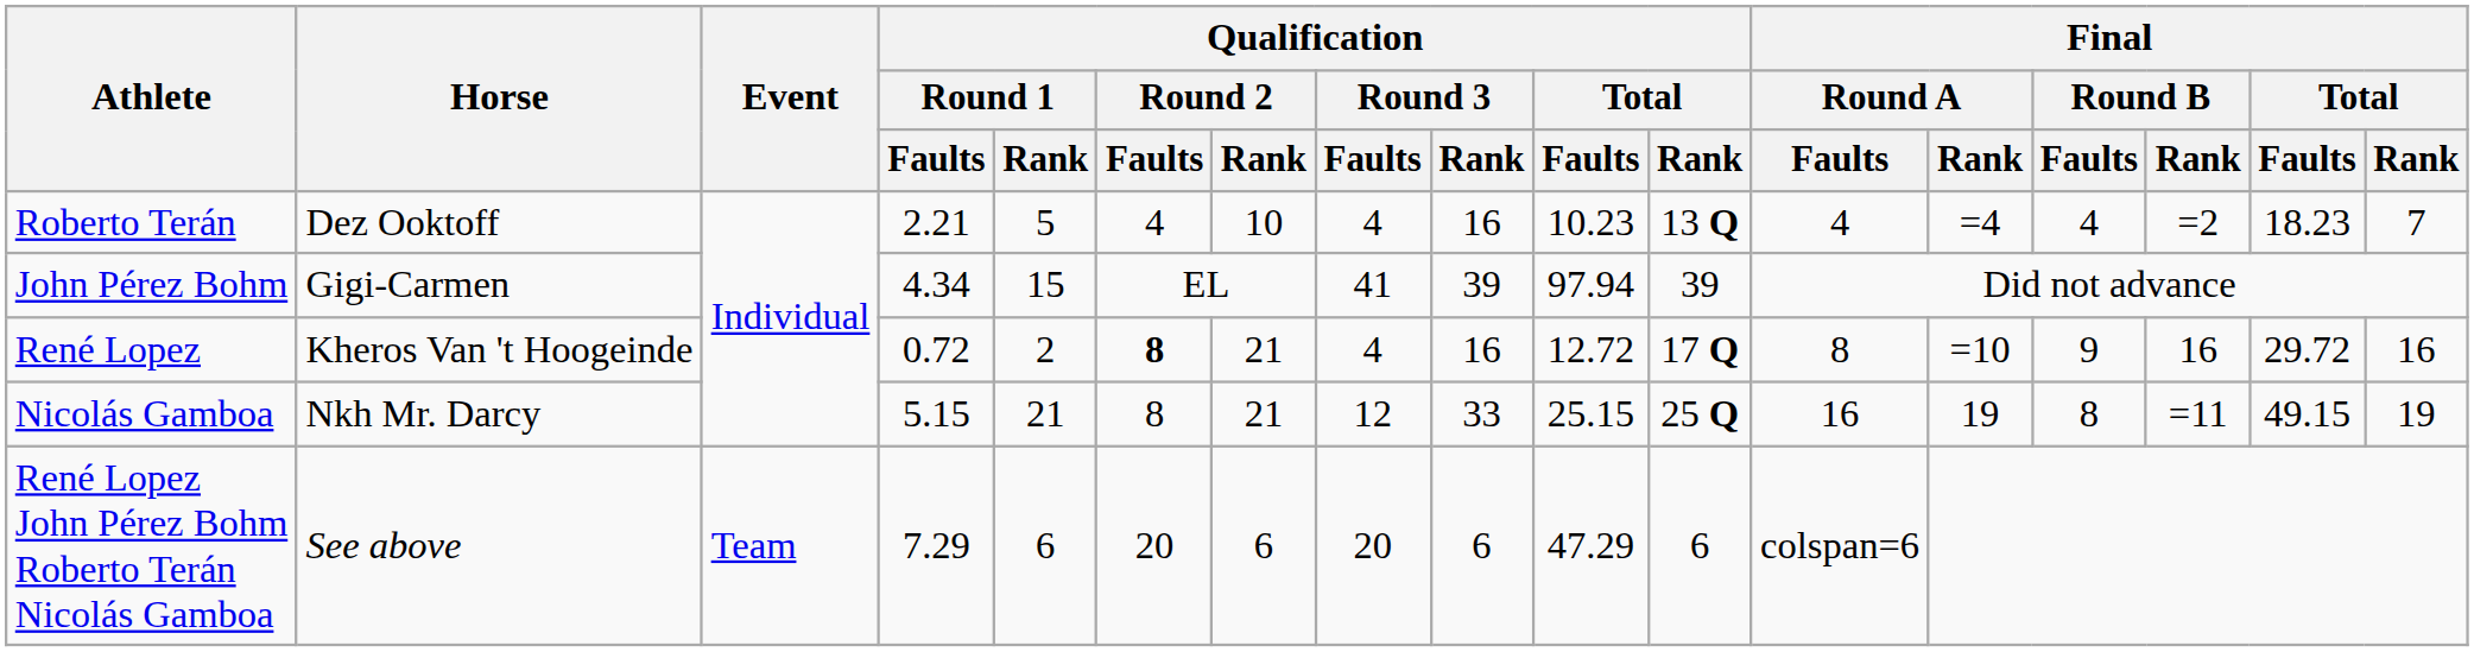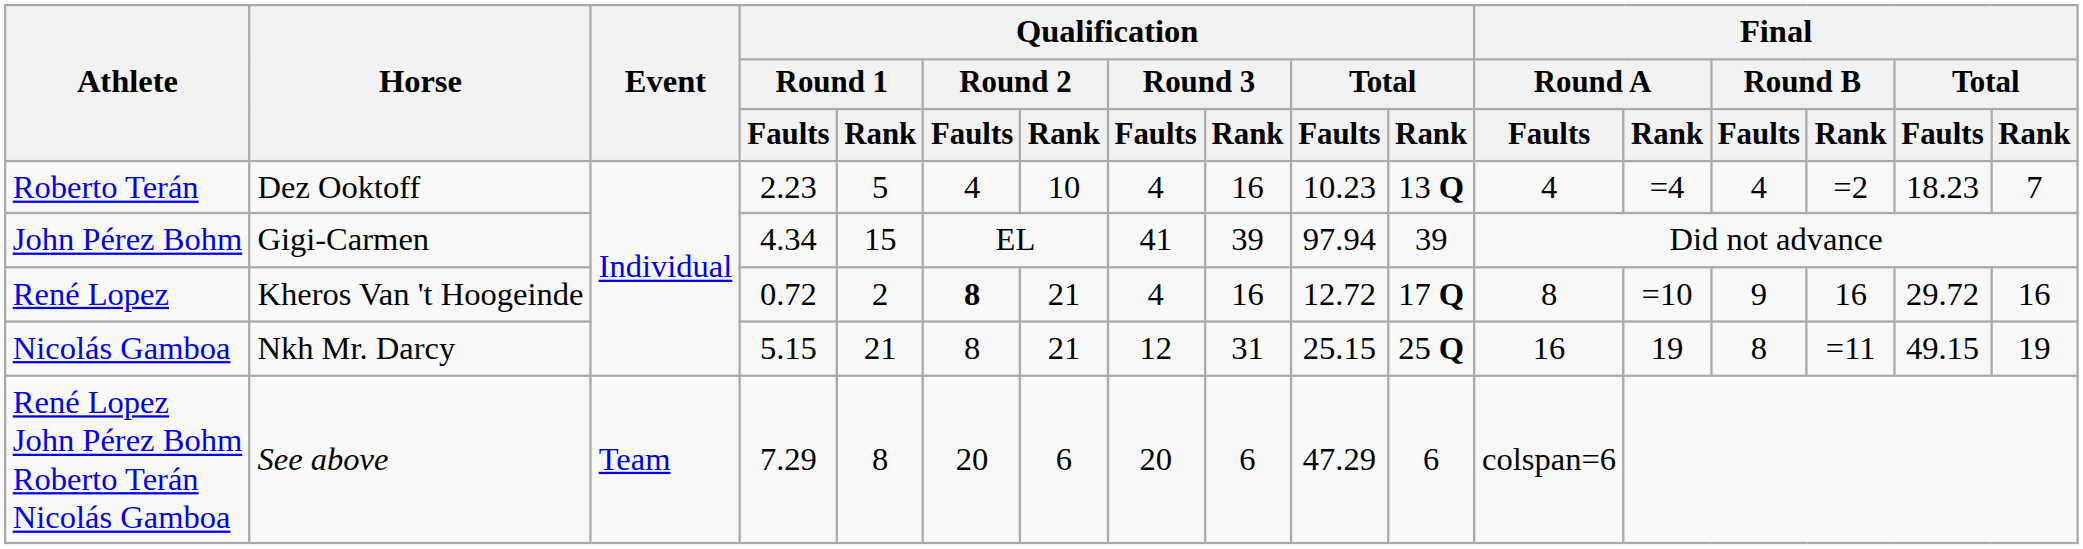 <table class=wikitable style=font-size:90%;text-align:center>
 <tr>
 <th rowspan=3>Athlete</th>
 <th rowspan=3>Horse</th>
 <th rowspan=3>Event</th>
 <th colspan=8>Qualification</th>
 <th colspan=6>Final</th>
 </tr>
 <tr style=font-size:95%>
 <th colspan=2>Round 1</th>
 <th colspan=2>Round 2</th>
 <th colspan=2>Round 3</th>
 <th colspan=2>Total</th>
 <th colspan=2>Round A</th>
 <th colspan=2>Round B</th>
 <th colspan=2>Total</th>
 </tr>
 <tr style=font-size:95%>
 <th>Faults</th>
 <th>Rank</th>
 <th>Faults</th>
 <th>Rank</th>
 <th>Faults</th>
 <th>Rank</th>
 <th>Faults</th>
 <th>Rank</th>
 <th>Faults</th>
 <th>Rank</th>
 <th>Faults</th>
 <th>Rank</th>
 <th>Faults</th>
 <th>Rank</th>
 </tr>
 <tr>
 <td align=left><a href='#'>Roberto Terán</a></td>
 <td align=left>Dez Ooktoff</td>
 <td align=left rowspan=4><a href='#'>Individual</a></td>
-<td>2.21</td>
+<td>2.23</td>
 <td>5</td>
 <td>4</td>
 <td>10</td>
 <td>4</td>
 <td>16</td>
 <td>10.23</td>
 <td>13 <strong>Q</strong></td>
 <td>4</td>
 <td>=4</td>
 <td>4</td>
 <td>=2</td>
 <td>18.23</td>
 <td>7</td>
 </tr>
 <tr>
 <td align=left><a href='#'>John Pérez Bohm</a></td>
 <td align=left>Gigi-Carmen</td>
 <td>4.34</td>
 <td>15</td>
 <td colspan="2">EL</td>
 <td>41</td>
 <td>39</td>
 <td>97.94</td>
 <td>39</td>
 <td colspan="6">Did not advance</td>
 </tr>
 <tr>
 <td align=left><a href='#'>René Lopez</a></td>
 <td align=left>Kheros Van 't Hoogeinde</td>
 <td>0.72</td>
 <td>2</td>
 <td><strong>8</strong></td>
 <td>21</td>
 <td>4</td>
 <td>16</td>
 <td>12.72</td>
 <td>17 <strong>Q</strong></td>
 <td>8</td>
 <td>=10</td>
 <td>9</td>
 <td>16</td>
 <td>29.72</td>
 <td>16</td>
 </tr>
 <tr>
 <td align=left><a href='#'>Nicolás Gamboa</a></td>
 <td align=left>Nkh Mr. Darcy</td>
 <td>5.15</td>
 <td>21</td>
 <td>8</td>
 <td>21</td>
 <td>12</td>
-<td>33</td>
+<td>31</td>
 <td>25.15</td>
 <td>25 <strong>Q</strong></td>
 <td>16</td>
 <td>19</td>
 <td>8</td>
 <td>=11</td>
 <td>49.15</td>
 <td>19</td>
 </tr>
 <tr>
 <td align=left><a href='#'>René Lopez</a><br><a href='#'>John Pérez Bohm</a><br><a href='#'>Roberto Terán</a><br><a href='#'>Nicolás Gamboa</a></td>
 <td align=left><em>See above</em></td>
 <td align=left><a href='#'>Team</a></td>
 <td>7.29</td>
-<td>6</td>
+<td>8</td>
 <td>20</td>
 <td>6</td>
 <td>20</td>
 <td>6</td>
 <td>47.29</td>
 <td>6</td>
 <td>colspan=6 </td>
 </tr>
 </table>
